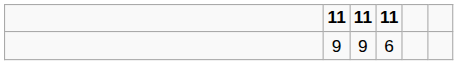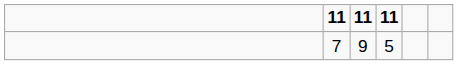 <table class="wikitable">
 <tr>
 <td style="width:18em"></td>
 <td align=center style="width:1em"><strong>11</strong></td>
 <td align=center style="width:1em"><strong>11</strong></td>
 <td align=center style="width:1em"><strong>11</strong></td>
 <td align=center style="width:1em"></td>
 <td align=center style="width:1em"></td>
 </tr>
 <tr>
 <td style="width:18em"></td>
+<td align=center style="width:1em">7</td>
 <td align=center style="width:1em">9</td>
-<td align=center style="width:1em">9</td>
-<td align=center style="width:1em">6</td>
+<td align=center style="width:1em">5</td>
 <td align=center style="width:1em"></td>
 <td align=center style="width:1em"></td>
 </tr>
 </table>
